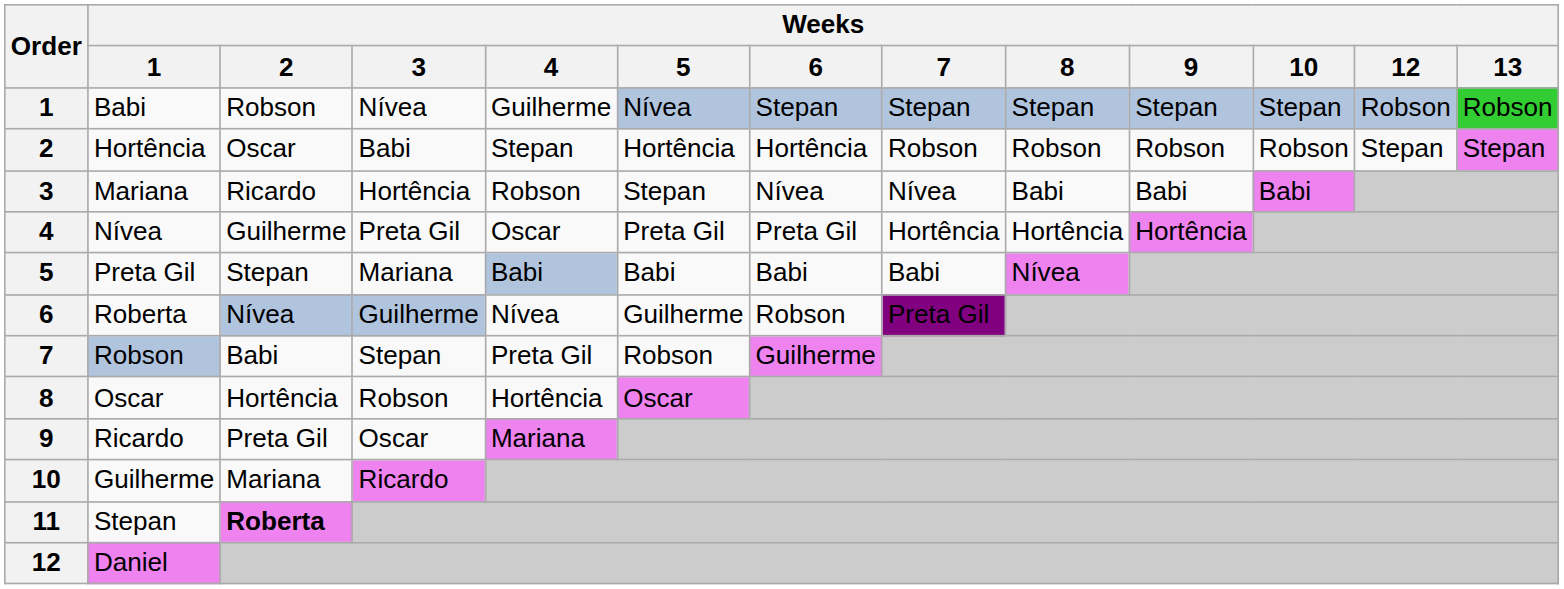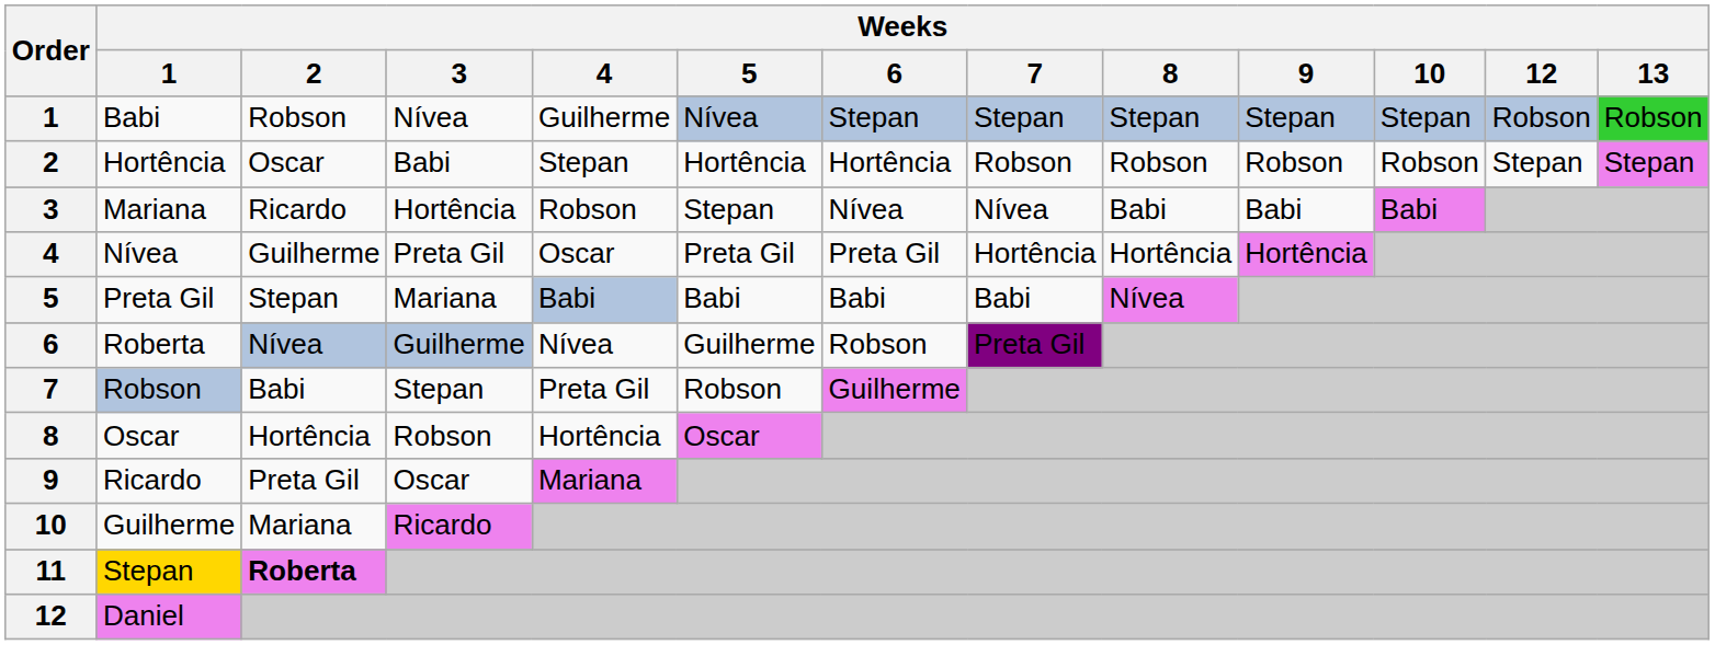 <table class="wikitable" align="center">
 <tr>
 <th rowspan=2>Order</th>
 <th colspan=12>Weeks</th>
 </tr>
 <tr>
 <th>1</th>
 <th>2</th>
 <th>3</th>
 <th>4</th>
 <th>5</th>
 <th>6</th>
 <th>7</th>
 <th>8</th>
 <th>9</th>
 <th>10</th>
 <th>12</th>
 <th>13</th>
 </tr>
 <tr>
 <th>1</th>
 <td>Babi</td>
 <td>Robson</td>
 <td>Nívea</td>
 <td>Guilherme</td>
 <td bgcolor="lightsteelblue">Nívea</td>
 <td bgcolor="lightsteelblue">Stepan</td>
 <td bgcolor="lightsteelblue">Stepan</td>
 <td bgcolor="lightsteelblue">Stepan</td>
 <td bgcolor="lightsteelblue">Stepan</td>
 <td bgcolor="lightsteelblue">Stepan</td>
 <td bgcolor="lightsteelblue">Robson</td>
 <td bgcolor="limegreen">Robson</td>
 </tr>
 <tr>
 <th>2</th>
 <td>Hortência</td>
 <td>Oscar</td>
 <td>Babi</td>
 <td>Stepan</td>
 <td>Hortência</td>
 <td>Hortência</td>
 <td>Robson</td>
 <td>Robson</td>
 <td>Robson</td>
 <td>Robson</td>
 <td>Stepan</td>
 <td bgcolor="violet">Stepan</td>
 </tr>
 <tr>
 <th>3</th>
 <td>Mariana</td>
 <td>Ricardo</td>
 <td>Hortência</td>
 <td>Robson</td>
 <td>Stepan</td>
 <td>Nívea</td>
 <td>Nívea</td>
 <td>Babi</td>
 <td>Babi</td>
 <td bgcolor="violet">Babi</td>
 <td bgcolor="#CCCCCC" colspan="2"></td>
 </tr>
 <tr>
 <th>4</th>
 <td>Nívea</td>
 <td>Guilherme</td>
 <td>Preta Gil</td>
 <td>Oscar</td>
 <td>Preta Gil</td>
 <td>Preta Gil</td>
 <td>Hortência</td>
 <td>Hortência</td>
 <td bgcolor="violet">Hortência</td>
 <td bgcolor="#CCCCCC" colspan="3"></td>
 </tr>
 <tr>
 <th>5</th>
 <td>Preta Gil</td>
 <td>Stepan</td>
 <td>Mariana</td>
 <td bgcolor="lightsteelblue">Babi</td>
 <td>Babi</td>
 <td>Babi</td>
 <td>Babi</td>
 <td bgcolor="violet">Nívea</td>
 <td bgcolor="#CCCCCC" colspan="4"></td>
 </tr>
 <tr>
 <th>6</th>
 <td>Roberta</td>
 <td bgcolor="lightsteelblue">Nívea</td>
 <td bgcolor="lightsteelblue">Guilherme</td>
 <td>Nívea</td>
 <td>Guilherme</td>
 <td>Robson</td>
 <td bgcolor="purple"><span>Preta Gil</span></td>
 <td style="background:#CCCCCC;" colspan="5"></td>
 </tr>
 <tr>
 <th>7</th>
 <td bgcolor="lightsteelblue">Robson</td>
 <td>Babi</td>
 <td>Stepan</td>
 <td>Preta Gil</td>
 <td>Robson</td>
 <td bgcolor="violet">Guilherme</td>
 <td style="background:#CCCCCC;" colspan="6"></td>
 </tr>
 <tr>
 <th>8</th>
 <td>Oscar</td>
 <td>Hortência</td>
 <td>Robson</td>
 <td>Hortência</td>
 <td bgcolor="violet">Oscar</td>
 <td bgcolor="#CCCCCC" colspan="7"></td>
 </tr>
 <tr>
 <th>9</th>
 <td>Ricardo</td>
 <td>Preta Gil</td>
 <td>Oscar</td>
 <td bgcolor="violet">Mariana</td>
 <td bgcolor="#CCCCCC" colspan="8"></td>
 </tr>
 <tr>
 <th>10</th>
 <td>Guilherme</td>
 <td>Mariana</td>
 <td bgcolor="violet">Ricardo</td>
 <td bgcolor="#CCCCCC" colspan="9"></td>
 </tr>
 <tr>
 <th>11</th>
-<td>Stepan</td>
+<td style="background: gold;">Stepan</td>
 <td bgcolor="violet"><strong>Roberta</strong></td>
 <td bgcolor="#CCCCCC" colspan="10"></td>
 </tr>
 <tr>
 <th>12</th>
 <td bgcolor="violet">Daniel</td>
 <td bgcolor="#CCCCCC" colspan="11"></td>
 </tr>
 </table>
